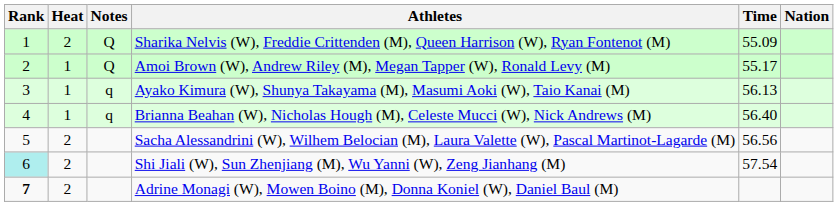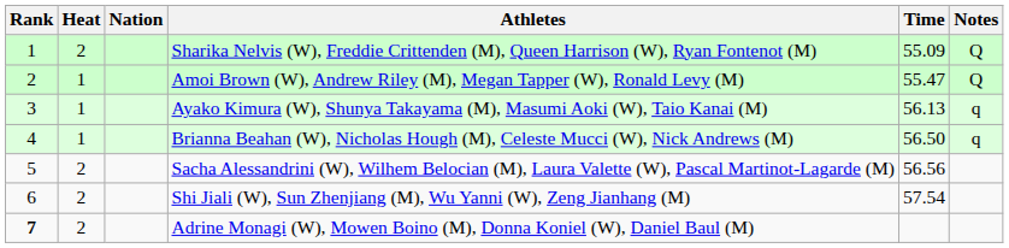 <table class="wikitable sortable" style="text-align:center">
 <tr>
 <th>Rank</th>
 <th>Heat</th>
-<th>Notes</th>
+<th>Nation</th>
 <th>Athletes</th>
 <th>Time</th>
-<th>Nation</th>
+<th>Notes</th>
 </tr>
 <tr bgcolor=ccffcc>
 <td>1</td>
 <td>2</td>
-<td>Q</td>
+<td align=left></td>
 <td align=left><a href='#'>Sharika Nelvis</a> (W), <a href='#'>Freddie Crittenden</a> (M), <a href='#'>Queen Harrison</a> (W), <a href='#'>Ryan Fontenot</a> (M)</td>
 <td>55.09</td>
-<td align=left></td>
+<td>Q</td>
 </tr>
 <tr bgcolor=ccffcc>
 <td>2</td>
 <td>1</td>
+<td align=left></td>
+<td align=left><a href='#'>Amoi Brown</a> (W), <a href='#'>Andrew Riley</a> (M), <a href='#'>Megan Tapper</a> (W), <a href='#'>Ronald Levy</a> (M)</td>
+<td>55.47</td>
 <td>Q</td>
-<td align=left><a href='#'>Amoi Brown</a> (W), <a href='#'>Andrew Riley</a> (M), <a href='#'>Megan Tapper</a> (W), <a href='#'>Ronald Levy</a> (M)</td>
-<td>55.17</td>
-<td align=left></td>
 </tr>
 <tr bgcolor=ddffdd>
 <td>3</td>
 <td>1</td>
-<td>q</td>
+<td align=left></td>
 <td align=left><a href='#'>Ayako Kimura</a> (W), <a href='#'>Shunya Takayama</a> (M), <a href='#'>Masumi Aoki</a> (W), <a href='#'>Taio Kanai</a> (M)</td>
 <td>56.13</td>
-<td align=left></td>
+<td>q</td>
 </tr>
 <tr bgcolor=ddffdd>
 <td>4</td>
 <td>1</td>
+<td align=left></td>
+<td align=left><a href='#'>Brianna Beahan</a> (W), <a href='#'>Nicholas Hough</a> (M), <a href='#'>Celeste Mucci</a> (W), <a href='#'>Nick Andrews</a> (M)</td>
+<td>56.50</td>
 <td>q</td>
-<td align=left><a href='#'>Brianna Beahan</a> (W), <a href='#'>Nicholas Hough</a> (M), <a href='#'>Celeste Mucci</a> (W), <a href='#'>Nick Andrews</a> (M)</td>
-<td>56.40</td>
-<td align=left></td>
 </tr>
 <tr>
 <td>5</td>
 <td>2</td>
-<td></td>
+<td align=left></td>
 <td align=left><a href='#'>Sacha Alessandrini</a> (W), <a href='#'>Wilhem Belocian</a> (M), <a href='#'>Laura Valette</a> (W), <a href='#'>Pascal Martinot-Lagarde</a> (M)</td>
 <td>56.56</td>
-<td align=left></td>
+<td></td>
 </tr>
 <tr>
-<td style="background: paleturquoise;">6</td>
+<td>6</td>
 <td>2</td>
-<td></td>
+<td align=left></td>
 <td align=left><a href='#'>Shi Jiali</a> (W), <a href='#'>Sun Zhenjiang</a> (M), <a href='#'>Wu Yanni</a> (W), <a href='#'>Zeng Jianhang</a> (M)</td>
 <td>57.54</td>
-<td align=left></td>
+<td></td>
 </tr>
 <tr>
 <td><strong>7</strong></td>
 <td>2</td>
-<td></td>
+<td align=left></td>
 <td align=left><a href='#'>Adrine Monagi</a> (W), <a href='#'>Mowen Boino</a> (M), <a href='#'>Donna Koniel</a> (W), <a href='#'>Daniel Baul</a> (M)</td>
 <td></td>
-<td align=left></td>
+<td></td>
 </tr>
 </table>
